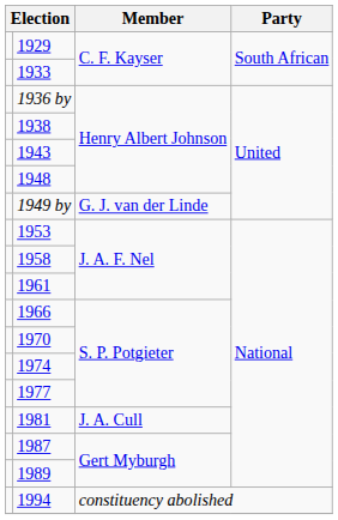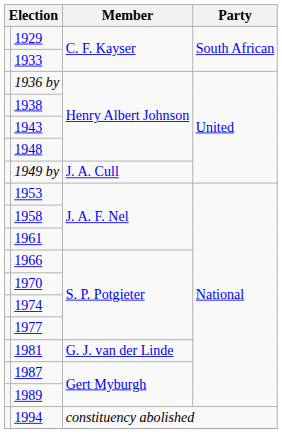 <table class="wikitable">
 <tr>
 <th colspan="2">Election</th>
 <th>Member</th>
 <th>Party</th>
 </tr>
 <tr>
 <td style="background-color: "></td>
 <td><a href='#'>1929</a></td>
 <td rowspan="2"><a href='#'>C. F. Kayser</a></td>
 <td rowspan="2"><a href='#'>South African</a></td>
 </tr>
 <tr>
 <td style="background-color: "></td>
 <td><a href='#'>1933</a></td>
 </tr>
 <tr>
 <td style="background-color: "></td>
 <td><em>1936 by</em></td>
 <td rowspan="4"><a href='#'>Henry Albert Johnson</a></td>
 <td rowspan="5"><a href='#'>United</a></td>
 </tr>
 <tr>
 <td style="background-color: "></td>
 <td><a href='#'>1938</a></td>
 </tr>
 <tr>
 <td style="background-color: "></td>
 <td><a href='#'>1943</a></td>
 </tr>
 <tr>
 <td style="background-color: "></td>
 <td><a href='#'>1948</a></td>
 </tr>
 <tr>
 <td style="background-color: "></td>
 <td><em>1949 by</em></td>
-<td><a href='#'>G. J. van der Linde</a></td>
+<td><a href='#'>J. A. Cull</a></td>
 </tr>
 <tr>
 <td style="background-color: "></td>
 <td><a href='#'>1953</a></td>
 <td rowspan="3"><a href='#'>J. A. F. Nel</a></td>
 <td rowspan="10"><a href='#'>National</a></td>
 </tr>
 <tr>
 <td style="background-color: "></td>
 <td><a href='#'>1958</a></td>
 </tr>
 <tr>
 <td style="background-color: "></td>
 <td><a href='#'>1961</a></td>
 </tr>
 <tr>
 <td style="background-color: "></td>
 <td><a href='#'>1966</a></td>
 <td rowspan="4"><a href='#'>S. P. Potgieter</a></td>
 </tr>
 <tr>
 <td style="background-color: "></td>
 <td><a href='#'>1970</a></td>
 </tr>
 <tr>
 <td style="background-color: "></td>
 <td><a href='#'>1974</a></td>
 </tr>
 <tr>
 <td style="background-color: "></td>
 <td><a href='#'>1977</a></td>
 </tr>
 <tr>
 <td style="background-color: "></td>
 <td><a href='#'>1981</a></td>
-<td><a href='#'>J. A. Cull</a></td>
+<td><a href='#'>G. J. van der Linde</a></td>
 </tr>
 <tr>
 <td style="background-color: "></td>
 <td><a href='#'>1987</a></td>
 <td rowspan="2"><a href='#'>Gert Myburgh</a></td>
 </tr>
 <tr>
 <td style="background-color: "></td>
 <td><a href='#'>1989</a></td>
 </tr>
 <tr>
 <td style="background-color: "></td>
 <td><a href='#'>1994</a></td>
 <td colspan="2"><em>constituency abolished</em></td>
 </tr>
 <tr>
 </tr>
 </table>
